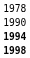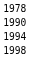 <table>
 <tr>
 <td>1978</td>
 <td></td>
 <td></td>
 <td></td>
 </tr>
 <tr>
 <td>1990</td>
 <td></td>
 <td></td>
 <td></td>
 </tr>
 <tr>
-<td><strong>1994</strong></td>
+<td>1994</td>
 <td></td>
 <td></td>
 <td><br></td>
 </tr>
 <tr>
-<td><strong>1998</strong></td>
+<td>1998</td>
 <td></td>
 <td></td>
 <td><br></td>
 </tr>
 </table>
